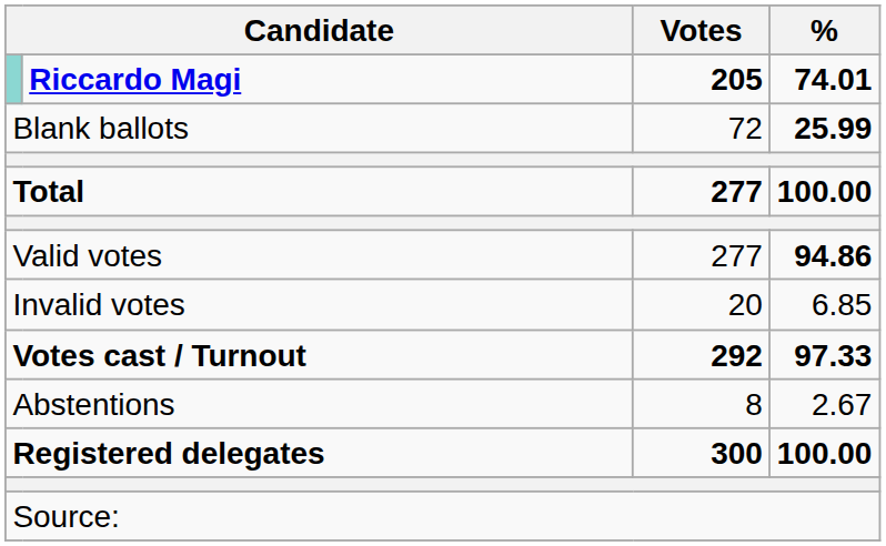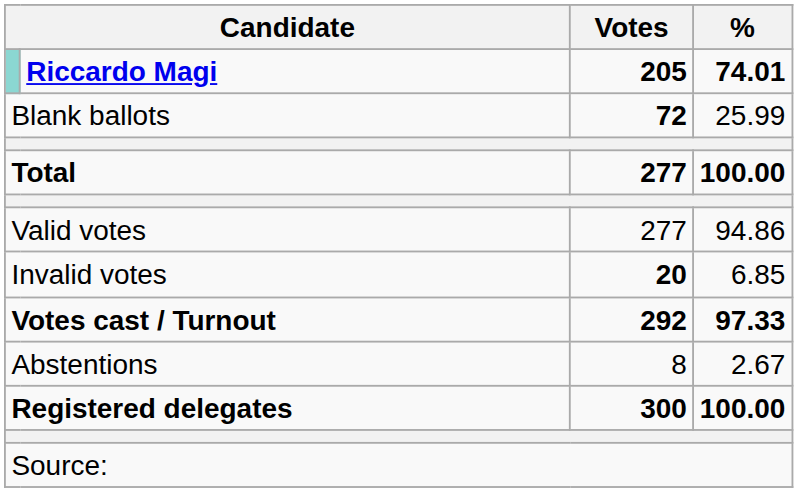 <table class="wikitable" style="text-align:right; font-size:95%;">
 <tr>
 <th colspan="2" width="300">Candidate</th>
 <th width="60">Votes</th>
 <th width="40">%</th>
 </tr>
 <tr>
 <td width="1" style="color:inherit;background:#8BD7D2"></td>
 <td align="left"><strong><a href='#'>Riccardo Magi</a></strong></td>
 <td><strong>205</strong></td>
 <td><strong>74.01</strong></td>
 </tr>
 <tr>
 <td align="left" colspan="2">Blank ballots</td>
-<td>72</td>
-<td><strong>25.99</strong></td>
+<td><strong>72</strong></td>
+<td>25.99</td>
 </tr>
 <tr>
 <th colspan="4"></th>
 </tr>
 <tr style="font-weight:bold;">
 <td align="left" colspan="2">Total</td>
 <td>277</td>
 <td>100.00</td>
 </tr>
 <tr>
 <th colspan="4"></th>
 </tr>
 <tr>
 <td colspan="2" align=left>Valid votes</td>
 <td>277</td>
-<td><strong>94.86</strong></td>
+<td>94.86</td>
 </tr>
 <tr>
 <td colspan="2" align=left>Invalid votes</td>
-<td>20</td>
+<td><strong>20</strong></td>
 <td>6.85</td>
 </tr>
 <tr>
 <td colspan="2" align="left"><strong>Votes cast / Turnout</strong></td>
 <td><strong>292</strong></td>
 <td><strong>97.33</strong></td>
 </tr>
 <tr>
 <td colspan="2" align="left">Abstentions</td>
 <td>8</td>
 <td>2.67</td>
 </tr>
 <tr>
 <td colspan="2" align="left"><strong>Registered delegates</strong></td>
 <td align="right"><strong>300</strong></td>
 <td align="right"><strong>100.00</strong></td>
 </tr>
 <tr>
 <th colspan="4"></th>
 </tr>
 <tr>
 <td colspan="4" align="left">Source: </td>
 </tr>
 </table>
